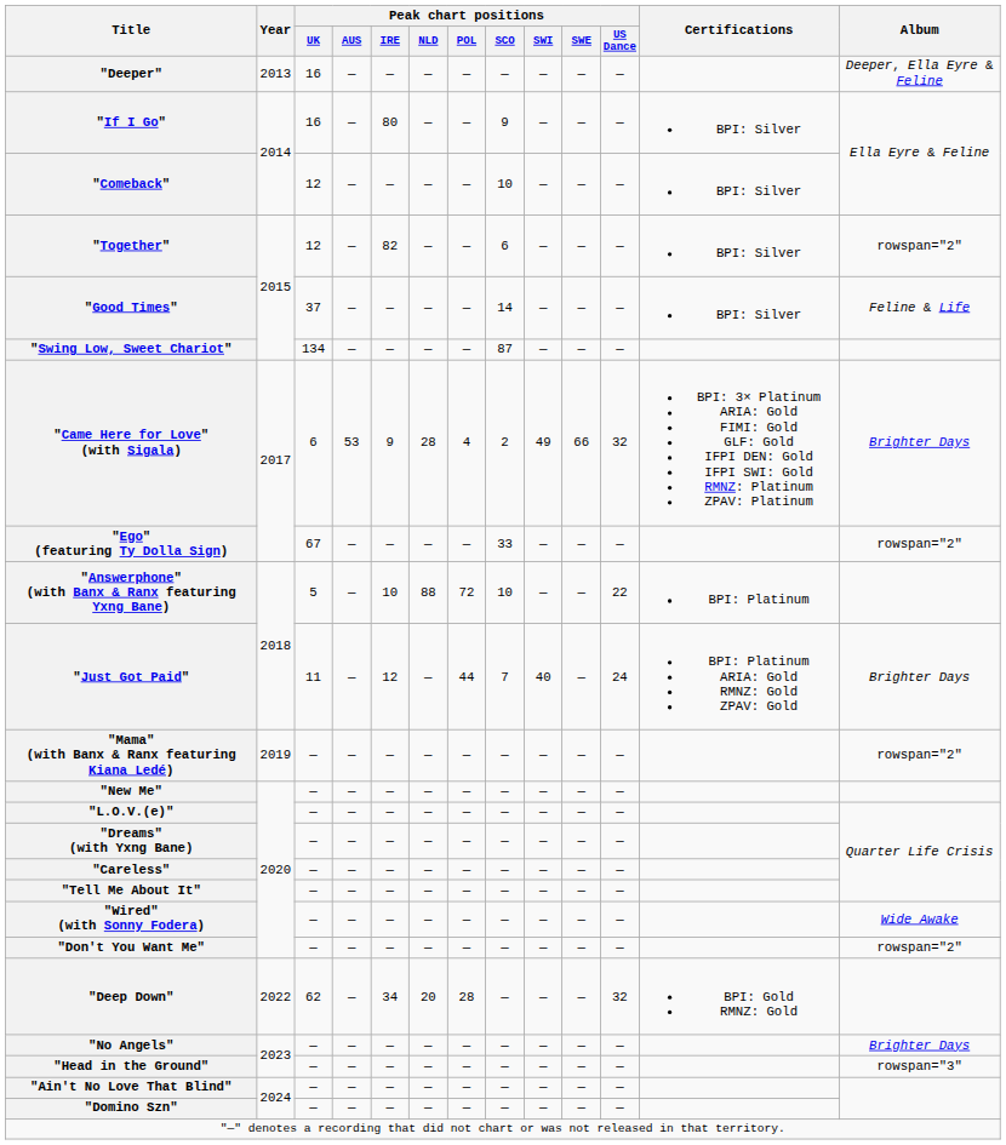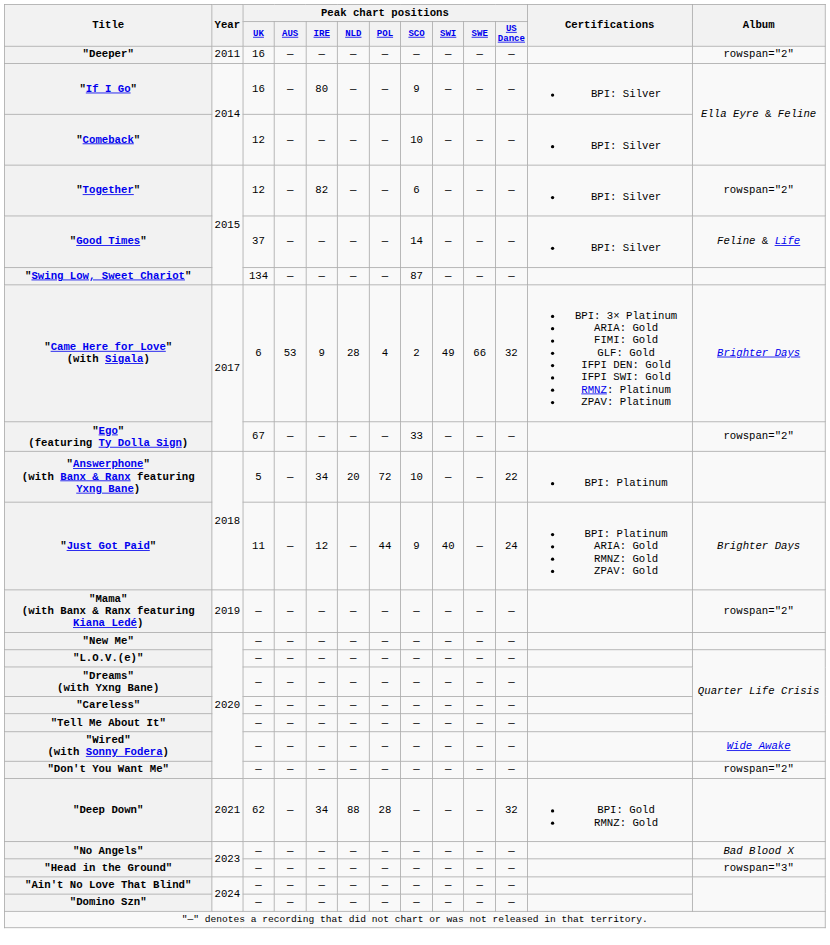 <table class="wikitable plainrowheaders" style="text-align:center;">
 <tr>
 <th scope="col" rowspan="2" style="width:19em;">Title</th>
 <th scope="col" rowspan="2" style="width:1em;">Year</th>
 <th scope="col" colspan="9">Peak chart positions</th>
 <th scope="col" rowspan="2" style="width:15em;">Certifications</th>
 <th scope="col" rowspan="2" style="width:12em;">Album</th>
 </tr>
 <tr>
 <th scope="col" style="width:3em;font-size:85%;"><a href='#'>UK</a><br></th>
 <th scope="col" style="width:3em;font-size:85%;"><a href='#'>AUS</a><br></th>
 <th scope="col" style="width:3em;font-size:85%;"><a href='#'>IRE</a><br></th>
 <th scope="col" style="width:3em;font-size:85%;"><a href='#'>NLD</a><br></th>
 <th scope="col" style="width:3em;font-size:85%;"><a href='#'>POL</a><br></th>
 <th scope="col" style="width:3em;font-size:85%;"><a href='#'>SCO</a><br></th>
 <th scope="col" style="width:3em;font-size:85%;"><a href='#'>SWI</a><br></th>
 <th scope="col" style="width:3em;font-size:85%;"><a href='#'>SWE</a><br></th>
 <th scope="col" style="width:3em;font-size:85%;"><a href='#'>US<br>Dance</a><br></th>
 </tr>
 <tr>
 <th scope="row">"Deeper"</th>
-<td>2013</td>
+<td>2011</td>
 <td>16</td>
 <td>—</td>
 <td>—</td>
 <td>—</td>
 <td>—</td>
 <td>—</td>
 <td>—</td>
 <td>—</td>
 <td>—</td>
 <td></td>
-<td><em>Deeper</em>, <em>Ella Eyre</em> & <em><a href='#'>Feline</a></em></td>
+<td>rowspan="2" </td>
 </tr>
 <tr>
 <th scope="row">"<a href='#'>If I Go</a>"</th>
 <td rowspan="2">2014</td>
 <td>16</td>
 <td>—</td>
 <td>80</td>
 <td>—</td>
 <td>—</td>
 <td>9</td>
 <td>—</td>
 <td>—</td>
 <td>—</td>
 <td><br><ul><li>BPI: Silver</li></ul></td>
 <td rowspan="2"><em>Ella Eyre</em> & <em>Feline</em></td>
 </tr>
 <tr>
 <th scope="row">"<a href='#'>Comeback</a>"</th>
 <td>12</td>
 <td>—</td>
 <td>—</td>
 <td>—</td>
 <td>—</td>
 <td>10</td>
 <td>—</td>
 <td>—</td>
 <td>—</td>
 <td><br><ul><li>BPI: Silver</li></ul></td>
 </tr>
 <tr>
 <th scope="row">"<a href='#'>Together</a>"</th>
 <td rowspan="3">2015</td>
 <td>12</td>
 <td>—</td>
 <td>82</td>
 <td>—</td>
 <td>—</td>
 <td>6</td>
 <td>—</td>
 <td>—</td>
 <td>—</td>
 <td><br><ul><li>BPI: Silver</li></ul></td>
 <td>rowspan="2"</td>
 </tr>
 <tr>
 <th scope="row">"<a href='#'>Good Times</a>"</th>
 <td>37</td>
 <td>—</td>
 <td>—</td>
 <td>—</td>
 <td>—</td>
 <td>14</td>
 <td>—</td>
 <td>—</td>
 <td>—</td>
 <td><br><ul><li>BPI: Silver</li></ul></td>
 <td><em>Feline</em> & <em><a href='#'>Life</a></em></td>
 </tr>
 <tr>
 <th scope="row">"<a href='#'>Swing Low, Sweet Chariot</a>"</th>
 <td>134</td>
 <td>—</td>
 <td>—</td>
 <td>—</td>
 <td>—</td>
 <td>87</td>
 <td>—</td>
 <td>—</td>
 <td>—</td>
 <td></td>
 <td></td>
 </tr>
 <tr>
 <th scope="row">"<a href='#'>Came Here for Love</a>"<br><span>(with <a href='#'>Sigala</a>)</span></th>
 <td rowspan="2">2017</td>
 <td>6</td>
 <td>53</td>
 <td>9</td>
 <td>28</td>
 <td>4</td>
 <td>2</td>
 <td>49</td>
 <td>66</td>
 <td>32</td>
 <td><br><ul><li>BPI: 3× Platinum</li><li>ARIA: Gold</li><li>FIMI: Gold</li><li>GLF: Gold</li><li>IFPI DEN: Gold</li><li>IFPI SWI: Gold</li><li><a href='#'>RMNZ</a>: Platinum</li><li>ZPAV: Platinum</li></ul></td>
 <td><em><a href='#'>Brighter Days</a></em></td>
 </tr>
 <tr>
 <th scope="row">"<a href='#'>Ego</a>"<br><span>(featuring <a href='#'>Ty Dolla Sign</a>)</span></th>
 <td>67</td>
 <td>—</td>
 <td>—</td>
 <td>—</td>
 <td>—</td>
 <td>33</td>
 <td>—</td>
 <td>—</td>
 <td>—</td>
 <td></td>
 <td>rowspan="2"</td>
 </tr>
 <tr>
 <th scope="row">"<a href='#'>Answerphone</a>"<br><span>(with <a href='#'>Banx & Ranx</a> featuring <a href='#'>Yxng Bane</a>)</span></th>
 <td rowspan="2">2018</td>
 <td>5</td>
 <td>—</td>
-<td>10</td>
-<td>88</td>
+<td>34</td>
+<td>20</td>
 <td>72</td>
 <td>10</td>
 <td>—</td>
 <td>—</td>
 <td>22</td>
 <td><br><ul><li>BPI: Platinum</li></ul></td>
 </tr>
 <tr>
 <th scope="row">"<a href='#'>Just Got Paid</a>"<br></th>
 <td>11</td>
 <td>—</td>
 <td>12</td>
 <td>—</td>
 <td>44</td>
-<td>7</td>
+<td>9</td>
 <td>40</td>
 <td>—</td>
 <td>24</td>
 <td><br><ul><li>BPI: Platinum</li><li>ARIA: Gold</li><li>RMNZ: Gold</li><li>ZPAV: Gold</li></ul></td>
 <td><em>Brighter Days</em></td>
 </tr>
 <tr>
 <th scope="row">"Mama" <br><span>(with Banx & Ranx featuring <a href='#'>Kiana Ledé</a>)</span></th>
 <td>2019</td>
 <td>—</td>
 <td>—</td>
 <td>—</td>
 <td>—</td>
 <td>—</td>
 <td>—</td>
 <td>—</td>
 <td>—</td>
 <td>—</td>
 <td></td>
 <td>rowspan="2" </td>
 </tr>
 <tr>
 <th scope="row">"New Me"</th>
 <td rowspan="7">2020</td>
 <td>—</td>
 <td>—</td>
 <td>—</td>
 <td>—</td>
 <td>—</td>
 <td>—</td>
 <td>—</td>
 <td>—</td>
 <td>—</td>
 <td></td>
 </tr>
 <tr>
 <th scope="row">"L.O.V.(e)"</th>
 <td>—</td>
 <td>—</td>
 <td>—</td>
 <td>—</td>
 <td>—</td>
 <td>—</td>
 <td>—</td>
 <td>—</td>
 <td>—</td>
 <td></td>
 <td rowspan="4"><em>Quarter Life Crisis</em></td>
 </tr>
 <tr>
 <th scope="row">"Dreams" <br><span>(with Yxng Bane)</span></th>
 <td>—</td>
 <td>—</td>
 <td>—</td>
 <td>—</td>
 <td>—</td>
 <td>—</td>
 <td>—</td>
 <td>—</td>
 <td>—</td>
 <td></td>
 </tr>
 <tr>
 <th scope="row">"Careless"</th>
 <td>—</td>
 <td>—</td>
 <td>—</td>
 <td>—</td>
 <td>—</td>
 <td>—</td>
 <td>—</td>
 <td>—</td>
 <td>—</td>
 <td></td>
 </tr>
 <tr>
 <th scope="row">"Tell Me About It"</th>
 <td>—</td>
 <td>—</td>
 <td>—</td>
 <td>—</td>
 <td>—</td>
 <td>—</td>
 <td>—</td>
 <td>—</td>
 <td>—</td>
 <td></td>
 </tr>
 <tr>
 <th scope="row">"Wired" <br><span>(with <a href='#'>Sonny Fodera</a>)</span></th>
 <td>—</td>
 <td>—</td>
 <td>—</td>
 <td>—</td>
 <td>—</td>
 <td>—</td>
 <td>—</td>
 <td>—</td>
 <td>—</td>
 <td></td>
 <td><em><a href='#'>Wide Awake</a></em></td>
 </tr>
 <tr>
 <th scope="row">"Don't You Want Me"</th>
 <td>—</td>
 <td>—</td>
 <td>—</td>
 <td>—</td>
 <td>—</td>
 <td>—</td>
 <td>—</td>
 <td>—</td>
 <td>—</td>
 <td></td>
 <td>rowspan="2" </td>
 </tr>
 <tr>
 <th scope="row">"Deep Down"<br></th>
-<td>2022</td>
+<td>2021</td>
 <td>62</td>
 <td>—</td>
 <td>34</td>
-<td>20</td>
+<td>88</td>
 <td>28</td>
 <td>—</td>
 <td>—</td>
 <td>—</td>
 <td>32</td>
 <td><br><ul><li>BPI: Gold</li><li>RMNZ: Gold</li></ul></td>
 </tr>
 <tr>
 <th scope="row">"No Angels"<br></th>
 <td rowspan="2">2023</td>
 <td>—</td>
 <td>—</td>
 <td>—</td>
 <td>—</td>
 <td>—</td>
 <td>—</td>
 <td>—</td>
 <td>—</td>
 <td>—</td>
 <td></td>
-<td><em><a href='#'>Brighter Days</a></em></td>
+<td><em>Bad Blood X</em></td>
 </tr>
 <tr>
 <th scope="row">"Head in the Ground"<br></th>
 <td>—</td>
 <td>—</td>
 <td>—</td>
 <td>—</td>
 <td>—</td>
 <td>—</td>
 <td>—</td>
 <td>—</td>
 <td>—</td>
 <td></td>
 <td>rowspan="3" </td>
 </tr>
 <tr>
 <th scope="row">"Ain't No Love That Blind"</th>
 <td rowspan="2">2024</td>
 <td>—</td>
 <td>—</td>
 <td>—</td>
 <td>—</td>
 <td>—</td>
 <td>—</td>
 <td>—</td>
 <td>—</td>
 <td>—</td>
 <td></td>
 </tr>
 <tr>
 <th scope="row">"Domino Szn"</th>
 <td>—</td>
 <td>—</td>
 <td>—</td>
 <td>—</td>
 <td>—</td>
 <td>—</td>
 <td>—</td>
 <td>—</td>
 <td>—</td>
 <td></td>
 </tr>
 <tr>
 <td colspan="14" style="font-size:90%">"—" denotes a recording that did not chart or was not released in that territory.</td>
 </tr>
 </table>
